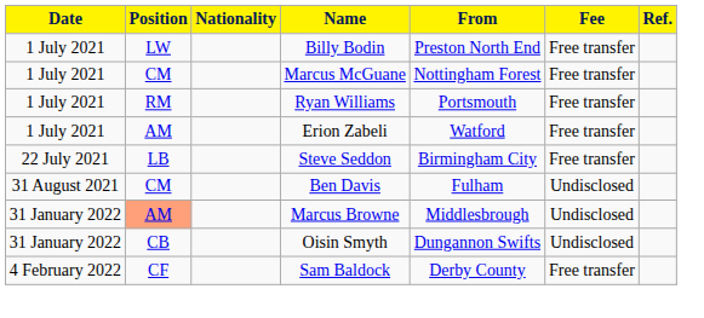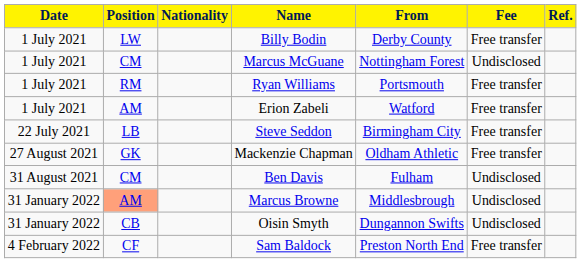 <table class="wikitable"  style="text-align:center; font-size:90%; ">
 <tr>
 <th style="background:#FFF300; color:#001958; ">Date</th>
 <th style="background:#FFF300; color:#001958; ">Position</th>
 <th style="background:#FFF300; color:#001958; ">Nationality</th>
 <th style="background:#FFF300; color:#001958; ">Name</th>
 <th style="background:#FFF300; color:#001958; ">From</th>
 <th style="background:#FFF300; color:#001958; ">Fee</th>
 <th style="background:#FFF300; color:#001958; ">Ref.</th>
 </tr>
 <tr>
 <td>1 July 2021</td>
 <td><a href='#'>LW</a></td>
 <td></td>
 <td><a href='#'>Billy Bodin</a></td>
-<td> <a href='#'>Preston North End</a></td>
+<td> <a href='#'>Derby County</a></td>
 <td>Free transfer</td>
 <td></td>
 </tr>
 <tr>
 <td>1 July 2021</td>
 <td><a href='#'>CM</a></td>
 <td></td>
 <td><a href='#'>Marcus McGuane</a></td>
 <td> <a href='#'>Nottingham Forest</a></td>
-<td>Free transfer</td>
+<td>Undisclosed</td>
 <td></td>
 </tr>
 <tr>
 <td>1 July 2021</td>
 <td><a href='#'>RM</a></td>
 <td></td>
 <td><a href='#'>Ryan Williams</a></td>
 <td> <a href='#'>Portsmouth</a></td>
 <td>Free transfer</td>
 <td></td>
 </tr>
 <tr>
 <td>1 July 2021</td>
 <td><a href='#'>AM</a></td>
 <td></td>
 <td>Erion Zabeli</td>
 <td> <a href='#'>Watford</a></td>
 <td>Free transfer</td>
 <td></td>
 </tr>
 <tr>
 <td>22 July 2021</td>
 <td><a href='#'>LB</a></td>
 <td></td>
 <td><a href='#'>Steve Seddon</a></td>
 <td> <a href='#'>Birmingham City</a></td>
+<td>Free transfer</td>
+<td></td>
+</tr>
+<tr>
+<td>27 August 2021</td>
+<td><a href='#'>GK</a></td>
+<td></td>
+<td>Mackenzie Chapman</td>
+<td> <a href='#'>Oldham Athletic</a></td>
 <td>Free transfer</td>
 <td></td>
 </tr>
 <tr>
 <td>31 August 2021</td>
 <td><a href='#'>CM</a></td>
 <td></td>
 <td><a href='#'>Ben Davis</a></td>
 <td> <a href='#'>Fulham</a></td>
 <td>Undisclosed</td>
 <td></td>
 </tr>
 <tr>
 <td>31 January 2022</td>
 <td style="background: lightsalmon;"><a href='#'>AM</a></td>
 <td></td>
 <td><a href='#'>Marcus Browne</a></td>
 <td> <a href='#'>Middlesbrough</a></td>
 <td>Undisclosed</td>
 <td></td>
 </tr>
 <tr>
 <td>31 January 2022</td>
 <td><a href='#'>CB</a></td>
 <td></td>
 <td>Oisin Smyth</td>
 <td> <a href='#'>Dungannon Swifts</a></td>
 <td>Undisclosed</td>
 <td></td>
 </tr>
 <tr>
 <td>4 February 2022</td>
 <td><a href='#'>CF</a></td>
 <td></td>
 <td><a href='#'>Sam Baldock</a></td>
-<td> <a href='#'>Derby County</a></td>
+<td> <a href='#'>Preston North End</a></td>
 <td>Free transfer</td>
 <td></td>
 </tr>
 </table>
